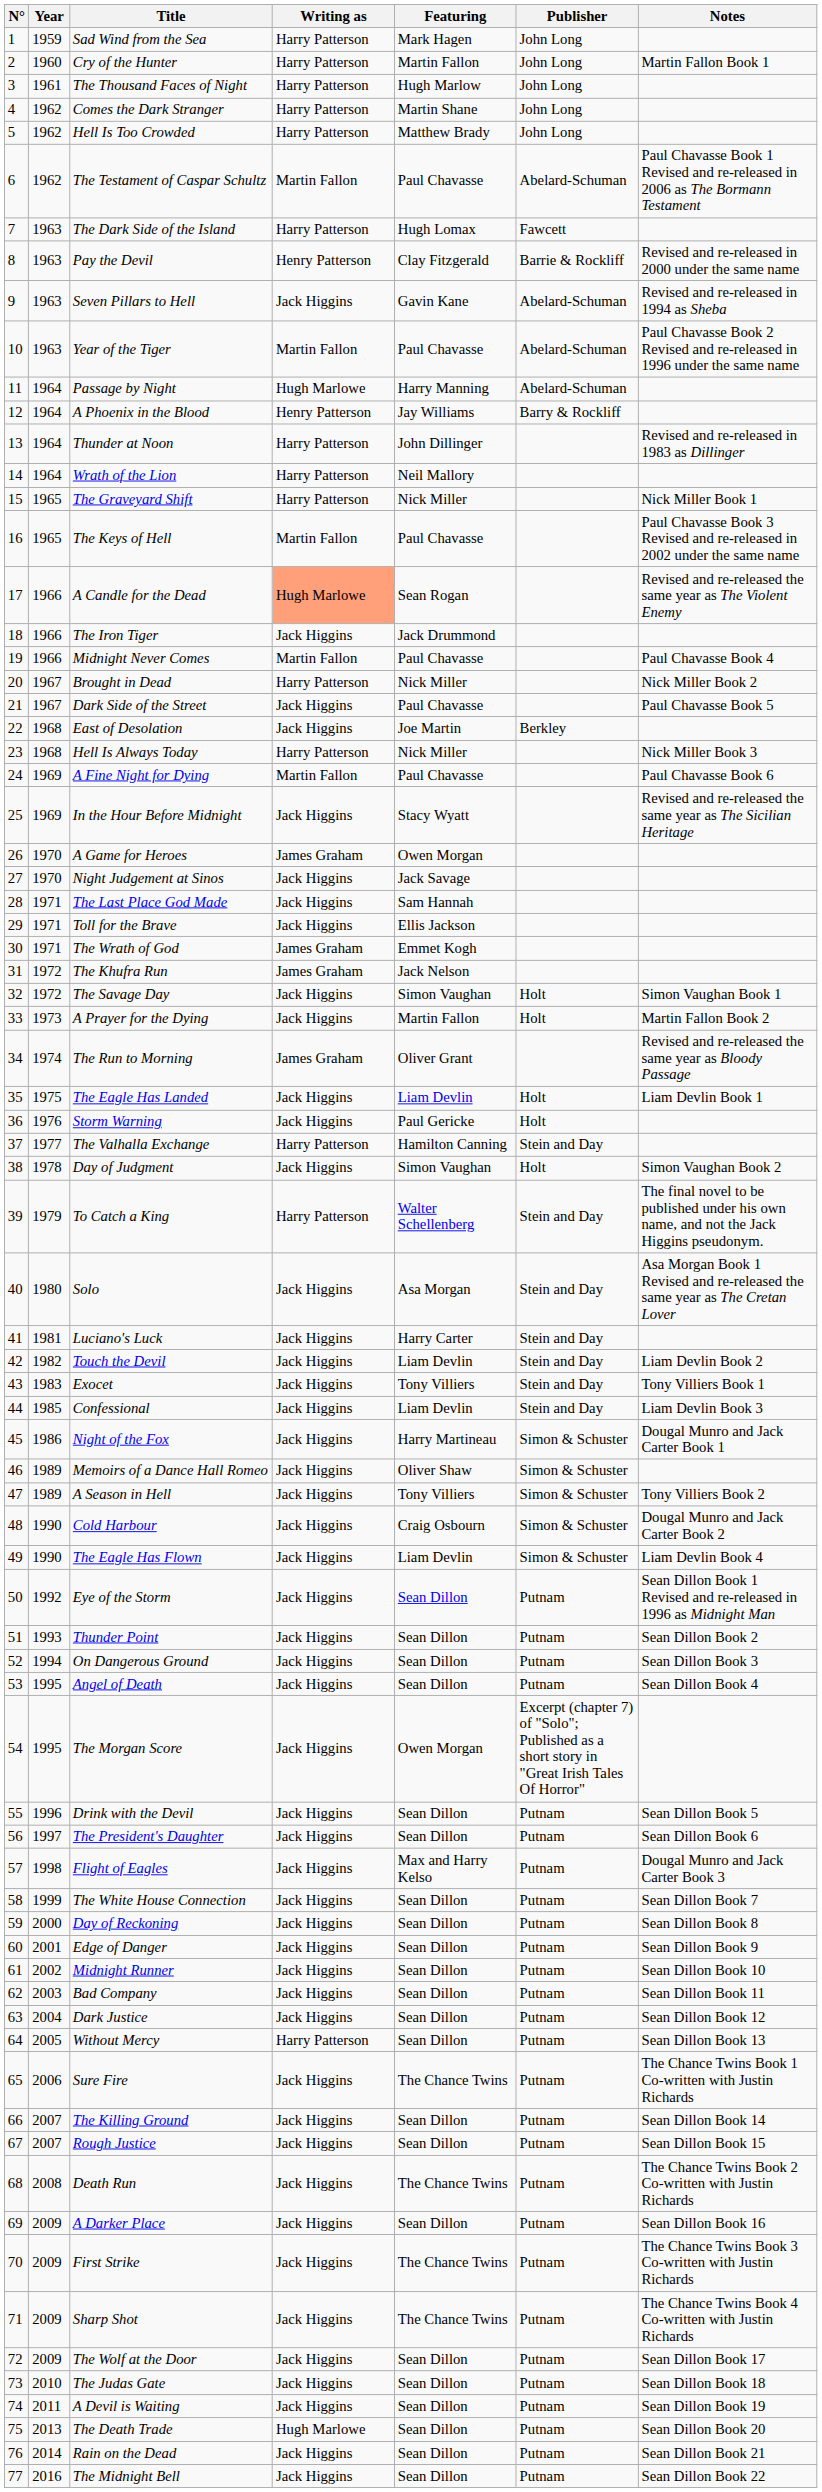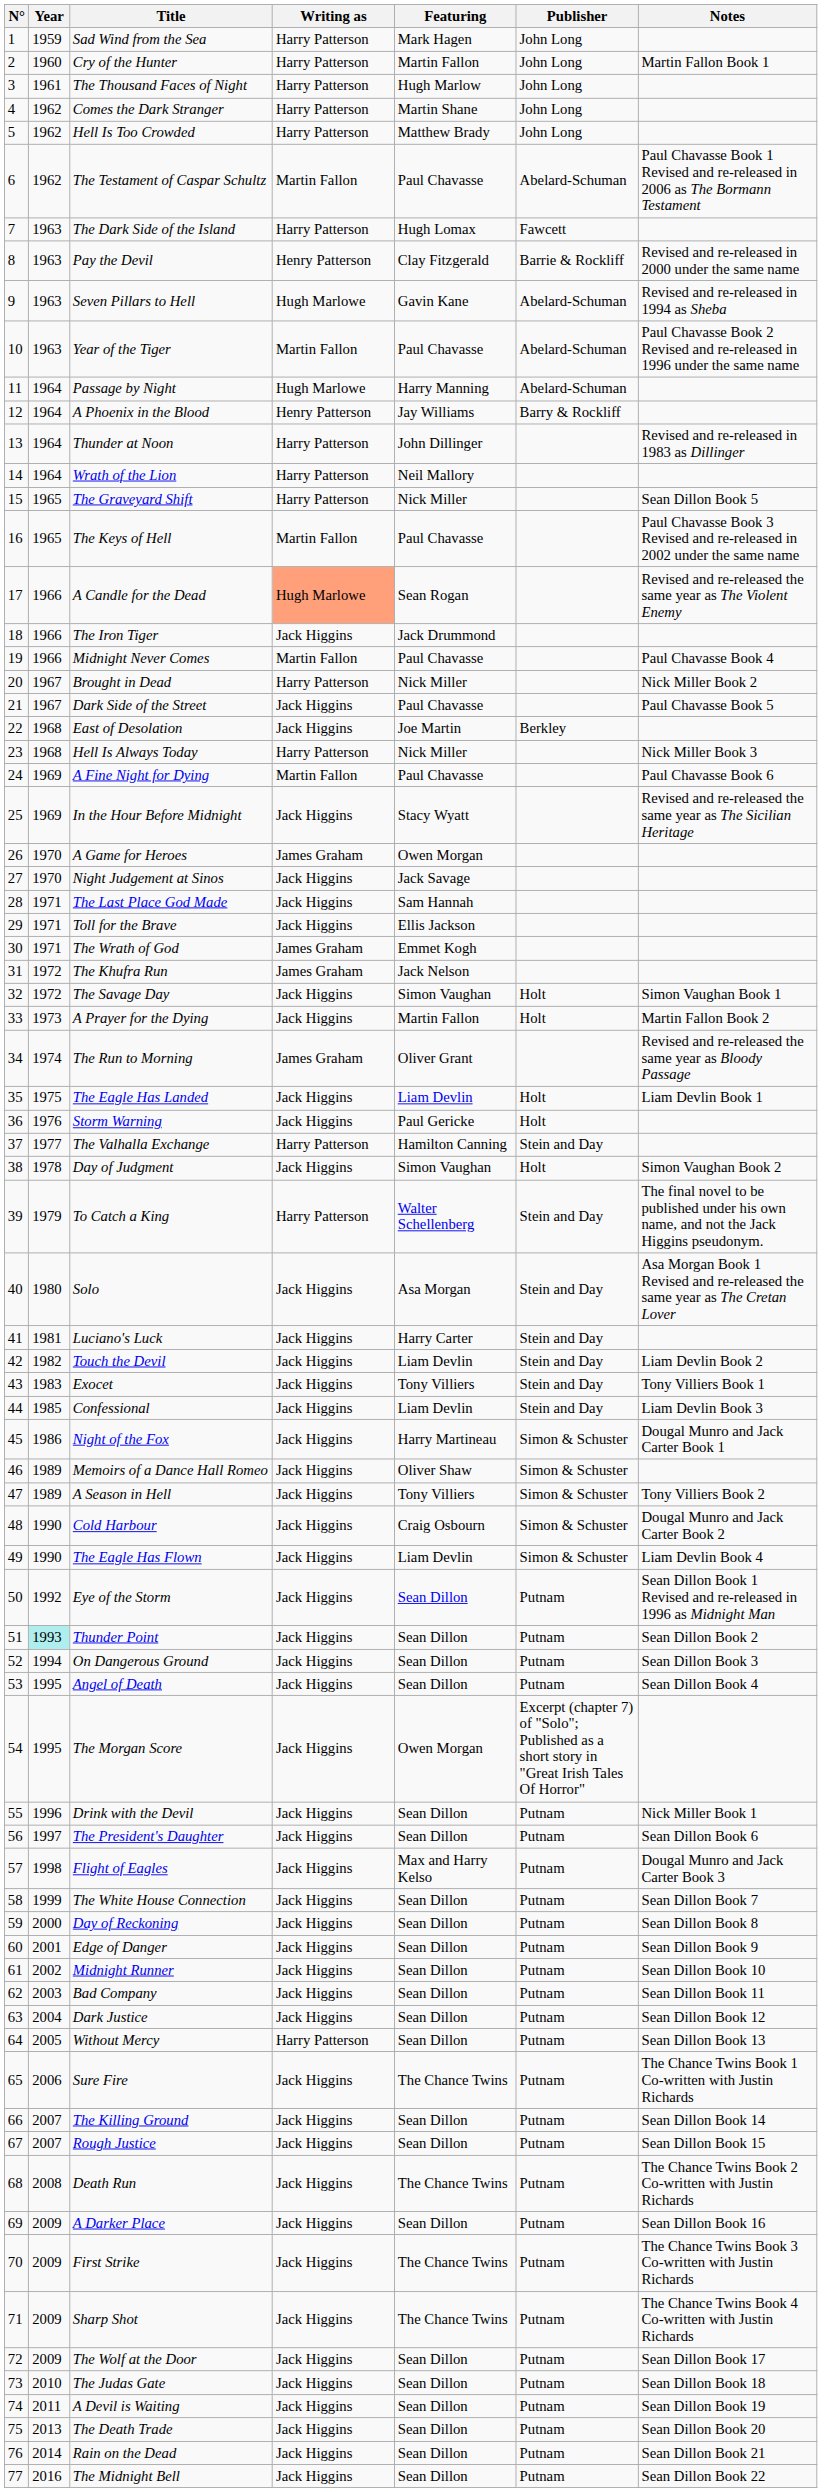 <table class="wikitable sortable" width="100%">
 <tr>
 <th width="3%!">N°</th>
 <th width="5%">Year</th>
 <th width="25%">Title</th>
 <th width="15%">Writing as</th>
 <th width="15%">Featuring</th>
 <th width="15%">Publisher</th>
 <th width="25%" class="unsortable">Notes</th>
 </tr>
 <tr>
 <td>1</td>
 <td>1959</td>
 <td><em>Sad Wind from the Sea</em></td>
 <td>Harry Patterson</td>
 <td>Mark Hagen</td>
 <td>John Long</td>
 <td></td>
 </tr>
 <tr>
 <td>2</td>
 <td>1960</td>
 <td><em>Cry of the Hunter</em></td>
 <td>Harry Patterson</td>
 <td>Martin Fallon</td>
 <td>John Long</td>
 <td>Martin Fallon Book 1</td>
 </tr>
 <tr>
 <td>3</td>
 <td>1961</td>
 <td><em>The Thousand Faces of Night</em></td>
 <td>Harry Patterson</td>
 <td>Hugh Marlow</td>
 <td>John Long</td>
 <td></td>
 </tr>
 <tr>
 <td>4</td>
 <td>1962</td>
 <td><em>Comes the Dark Stranger</em></td>
 <td>Harry Patterson</td>
 <td>Martin Shane</td>
 <td>John Long</td>
 <td></td>
 </tr>
 <tr>
 <td>5</td>
 <td>1962</td>
 <td><em>Hell Is Too Crowded</em></td>
 <td>Harry Patterson</td>
 <td>Matthew Brady</td>
 <td>John Long</td>
 <td></td>
 </tr>
 <tr>
 <td>6</td>
 <td>1962</td>
 <td><em>The Testament of Caspar Schultz</em></td>
 <td>Martin Fallon</td>
 <td>Paul Chavasse</td>
 <td>Abelard-Schuman</td>
 <td>Paul Chavasse Book 1<br>Revised and re-released in 2006 as <em>The Bormann Testament</em></td>
 </tr>
 <tr>
 <td>7</td>
 <td>1963</td>
 <td><em>The Dark Side of the Island</em></td>
 <td>Harry Patterson</td>
 <td>Hugh Lomax</td>
 <td>Fawcett</td>
 <td></td>
 </tr>
 <tr>
 <td>8</td>
 <td>1963</td>
 <td><em>Pay the Devil</em></td>
 <td>Henry Patterson</td>
 <td>Clay Fitzgerald</td>
 <td>Barrie & Rockliff</td>
 <td>Revised and re-released in 2000 under the same name</td>
 </tr>
 <tr>
 <td>9</td>
 <td>1963</td>
 <td><em>Seven Pillars to Hell</em></td>
-<td>Jack Higgins</td>
+<td>Hugh Marlowe</td>
 <td>Gavin Kane</td>
 <td>Abelard-Schuman</td>
 <td>Revised and re-released in 1994 as <em>Sheba</em></td>
 </tr>
 <tr>
 <td>10</td>
 <td>1963</td>
 <td><em>Year of the Tiger</em></td>
 <td>Martin Fallon</td>
 <td>Paul Chavasse</td>
 <td>Abelard-Schuman</td>
 <td>Paul Chavasse Book 2<br>Revised and re-released in 1996 under the same name</td>
 </tr>
 <tr>
 <td>11</td>
 <td>1964</td>
 <td><em>Passage by Night</em></td>
 <td>Hugh Marlowe</td>
 <td>Harry Manning</td>
 <td>Abelard-Schuman</td>
 <td></td>
 </tr>
 <tr>
 <td>12</td>
 <td>1964</td>
 <td><em>A Phoenix in the Blood</em></td>
 <td>Henry Patterson</td>
 <td>Jay Williams</td>
 <td>Barry & Rockliff</td>
 <td></td>
 </tr>
 <tr>
 <td>13</td>
 <td>1964</td>
 <td><em>Thunder at Noon</em></td>
 <td>Harry Patterson</td>
 <td>John Dillinger</td>
 <td></td>
 <td>Revised and re-released in 1983 as <em>Dillinger</em></td>
 </tr>
 <tr>
 <td>14</td>
 <td>1964</td>
 <td><em><a href='#'>Wrath of the Lion</a></em></td>
 <td>Harry Patterson</td>
 <td>Neil Mallory</td>
 <td></td>
 <td></td>
 </tr>
 <tr>
 <td>15</td>
 <td>1965</td>
 <td><em><a href='#'>The Graveyard Shift</a></em></td>
 <td>Harry Patterson</td>
 <td>Nick Miller</td>
 <td></td>
-<td>Nick Miller Book 1</td>
+<td>Sean Dillon Book 5</td>
 </tr>
 <tr>
 <td>16</td>
 <td>1965</td>
 <td><em>The Keys of Hell</em></td>
 <td>Martin Fallon</td>
 <td>Paul Chavasse</td>
 <td></td>
 <td>Paul Chavasse Book 3<br>Revised and re-released in 2002 under the same name</td>
 </tr>
 <tr>
 <td>17</td>
 <td>1966</td>
 <td><em>A Candle for the Dead</em></td>
 <td style="background: lightsalmon;">Hugh Marlowe</td>
 <td>Sean Rogan</td>
 <td></td>
 <td>Revised and re-released the same year as <em>The Violent Enemy</em></td>
 </tr>
 <tr>
 <td>18</td>
 <td>1966</td>
 <td><em>The Iron Tiger</em></td>
 <td>Jack Higgins</td>
 <td>Jack Drummond</td>
 <td></td>
 <td></td>
 </tr>
 <tr>
 <td>19</td>
 <td>1966</td>
 <td><em>Midnight Never Comes</em></td>
 <td>Martin Fallon</td>
 <td>Paul Chavasse</td>
 <td></td>
 <td>Paul Chavasse Book 4</td>
 </tr>
 <tr>
 <td>20</td>
 <td>1967</td>
 <td><em>Brought in Dead</em></td>
 <td>Harry Patterson</td>
 <td>Nick Miller</td>
 <td></td>
 <td>Nick Miller Book 2</td>
 </tr>
 <tr>
 <td>21</td>
 <td>1967</td>
 <td><em>Dark Side of the Street</em></td>
 <td>Jack Higgins</td>
 <td>Paul Chavasse</td>
 <td></td>
 <td>Paul Chavasse Book 5</td>
 </tr>
 <tr>
 <td>22</td>
 <td>1968</td>
 <td><em>East of Desolation</em></td>
 <td>Jack Higgins</td>
 <td>Joe Martin</td>
 <td>Berkley</td>
 <td></td>
 </tr>
 <tr>
 <td>23</td>
 <td>1968</td>
 <td><em>Hell Is Always Today</em></td>
 <td>Harry Patterson</td>
 <td>Nick Miller</td>
 <td></td>
 <td>Nick Miller Book 3</td>
 </tr>
 <tr>
 <td>24</td>
 <td>1969</td>
 <td><em><a href='#'>A Fine Night for Dying</a></em></td>
 <td>Martin Fallon</td>
 <td>Paul Chavasse</td>
 <td></td>
 <td>Paul Chavasse Book 6</td>
 </tr>
 <tr>
 <td>25</td>
 <td>1969</td>
 <td><em>In the Hour Before Midnight</em></td>
 <td>Jack Higgins</td>
 <td>Stacy Wyatt</td>
 <td></td>
 <td>Revised and re-released the same year as <em>The Sicilian Heritage</em></td>
 </tr>
 <tr>
 <td>26</td>
 <td>1970</td>
 <td><em>A Game for Heroes</em></td>
 <td>James Graham</td>
 <td>Owen Morgan</td>
 <td></td>
 <td></td>
 </tr>
 <tr>
 <td>27</td>
 <td>1970</td>
 <td><em>Night Judgement at Sinos</em></td>
 <td>Jack Higgins</td>
 <td>Jack Savage</td>
 <td></td>
 <td></td>
 </tr>
 <tr>
 <td>28</td>
 <td>1971</td>
 <td><em><a href='#'>The Last Place God Made</a></em></td>
 <td>Jack Higgins</td>
 <td>Sam Hannah</td>
 <td></td>
 <td></td>
 </tr>
 <tr>
 <td>29</td>
 <td>1971</td>
 <td><em>Toll for the Brave</em></td>
 <td>Jack Higgins</td>
 <td>Ellis Jackson</td>
 <td></td>
 <td></td>
 </tr>
 <tr>
 <td>30</td>
 <td>1971</td>
 <td><em>The Wrath of God</em></td>
 <td>James Graham</td>
 <td>Emmet Kogh</td>
 <td></td>
 <td></td>
 </tr>
 <tr>
 <td>31</td>
 <td>1972</td>
 <td><em>The Khufra Run</em></td>
 <td>James Graham</td>
 <td>Jack Nelson</td>
 <td></td>
 <td></td>
 </tr>
 <tr>
 <td>32</td>
 <td>1972</td>
 <td><em>The Savage Day</em></td>
 <td>Jack Higgins</td>
 <td>Simon Vaughan</td>
 <td>Holt</td>
 <td>Simon Vaughan Book 1</td>
 </tr>
 <tr>
 <td>33</td>
 <td>1973</td>
 <td><em>A Prayer for the Dying</em></td>
 <td>Jack Higgins</td>
 <td>Martin Fallon</td>
 <td>Holt</td>
 <td>Martin Fallon Book 2</td>
 </tr>
 <tr>
 <td>34</td>
 <td>1974</td>
 <td><em>The Run to Morning</em></td>
 <td>James Graham</td>
 <td>Oliver Grant</td>
 <td></td>
 <td>Revised and re-released the same year as <em>Bloody Passage</em></td>
 </tr>
 <tr>
 <td>35</td>
 <td>1975</td>
 <td><em><a href='#'>The Eagle Has Landed</a></em></td>
 <td>Jack Higgins</td>
 <td><a href='#'>Liam Devlin</a></td>
 <td>Holt</td>
 <td>Liam Devlin Book 1</td>
 </tr>
 <tr>
 <td>36</td>
 <td>1976</td>
 <td><em><a href='#'>Storm Warning</a></em></td>
 <td>Jack Higgins</td>
 <td>Paul Gericke</td>
 <td>Holt</td>
 <td></td>
 </tr>
 <tr>
 <td>37</td>
 <td>1977</td>
 <td><em>The Valhalla Exchange</em></td>
 <td>Harry Patterson</td>
 <td>Hamilton Canning</td>
 <td>Stein and Day</td>
 <td></td>
 </tr>
 <tr>
 <td>38</td>
 <td>1978</td>
 <td><em>Day of Judgment</em></td>
 <td>Jack Higgins</td>
 <td>Simon Vaughan</td>
 <td>Holt</td>
 <td>Simon Vaughan Book 2</td>
 </tr>
 <tr>
 <td>39</td>
 <td>1979</td>
 <td><em>To Catch a King</em></td>
 <td>Harry Patterson</td>
 <td><a href='#'>Walter Schellenberg</a></td>
 <td>Stein and Day</td>
 <td>The final novel to be published under his own name, and not the Jack Higgins pseudonym.</td>
 </tr>
 <tr>
 <td>40</td>
 <td>1980</td>
 <td><em>Solo</em></td>
 <td>Jack Higgins</td>
 <td>Asa Morgan</td>
 <td>Stein and Day</td>
 <td>Asa Morgan Book 1<br>Revised and re-released the same year as <em>The Cretan Lover</em></td>
 </tr>
 <tr>
 <td>41</td>
 <td>1981</td>
 <td><em>Luciano's Luck</em></td>
 <td>Jack Higgins</td>
 <td>Harry Carter</td>
 <td>Stein and Day</td>
 <td></td>
 </tr>
 <tr>
 <td>42</td>
 <td>1982</td>
 <td><em><a href='#'>Touch the Devil</a></em></td>
 <td>Jack Higgins</td>
 <td>Liam Devlin</td>
 <td>Stein and Day</td>
 <td>Liam Devlin Book 2</td>
 </tr>
 <tr>
 <td>43</td>
 <td>1983</td>
 <td><em>Exocet</em></td>
 <td>Jack Higgins</td>
 <td>Tony Villiers</td>
 <td>Stein and Day</td>
 <td>Tony Villiers Book 1</td>
 </tr>
 <tr>
 <td>44</td>
 <td>1985</td>
 <td><em>Confessional</em></td>
 <td>Jack Higgins</td>
 <td>Liam Devlin</td>
 <td>Stein and Day</td>
 <td>Liam Devlin Book 3</td>
 </tr>
 <tr>
 <td>45</td>
 <td>1986</td>
 <td><em><a href='#'>Night of the Fox</a></em></td>
 <td>Jack Higgins</td>
 <td>Harry Martineau</td>
 <td>Simon & Schuster</td>
 <td>Dougal Munro and Jack Carter Book 1</td>
 </tr>
 <tr>
 <td>46</td>
 <td>1989</td>
 <td><em>Memoirs of a Dance Hall Romeo</em></td>
 <td>Jack Higgins</td>
 <td>Oliver Shaw</td>
 <td>Simon & Schuster</td>
 <td></td>
 </tr>
 <tr>
 <td>47</td>
 <td>1989</td>
 <td><em>A Season in Hell</em></td>
 <td>Jack Higgins</td>
 <td>Tony Villiers</td>
 <td>Simon & Schuster</td>
 <td>Tony Villiers Book 2</td>
 </tr>
 <tr>
 <td>48</td>
 <td>1990</td>
 <td><em><a href='#'>Cold Harbour</a></em></td>
 <td>Jack Higgins</td>
 <td>Craig Osbourn</td>
 <td>Simon & Schuster</td>
 <td>Dougal Munro and Jack Carter Book 2</td>
 </tr>
 <tr>
 <td>49</td>
 <td>1990</td>
 <td><em><a href='#'>The Eagle Has Flown</a></em></td>
 <td>Jack Higgins</td>
 <td>Liam Devlin</td>
 <td>Simon & Schuster</td>
 <td>Liam Devlin Book 4</td>
 </tr>
 <tr>
 <td>50</td>
 <td>1992</td>
 <td><em>Eye of the Storm</em></td>
 <td>Jack Higgins</td>
 <td><a href='#'>Sean Dillon</a></td>
 <td>Putnam</td>
 <td>Sean Dillon Book 1<br>Revised and re-released in 1996 as <em>Midnight Man</em></td>
 </tr>
 <tr>
 <td>51</td>
-<td>1993</td>
+<td style="background: paleturquoise;">1993</td>
 <td><em><a href='#'>Thunder Point</a></em></td>
 <td>Jack Higgins</td>
 <td>Sean Dillon</td>
 <td>Putnam</td>
 <td>Sean Dillon Book 2</td>
 </tr>
 <tr>
 <td>52</td>
 <td>1994</td>
 <td><em>On Dangerous Ground</em></td>
 <td>Jack Higgins</td>
 <td>Sean Dillon</td>
 <td>Putnam</td>
 <td>Sean Dillon Book 3</td>
 </tr>
 <tr>
 <td>53</td>
 <td>1995</td>
 <td><em><a href='#'>Angel of Death</a></em></td>
 <td>Jack Higgins</td>
 <td>Sean Dillon</td>
 <td>Putnam</td>
 <td>Sean Dillon Book 4</td>
 </tr>
 <tr>
 <td>54</td>
 <td>1995</td>
 <td><em>The Morgan Score</em></td>
 <td>Jack Higgins</td>
 <td>Owen Morgan</td>
 <td>Excerpt (chapter 7) of "Solo"; Published as a short story in "Great Irish Tales Of Horror"</td>
 <td></td>
 </tr>
 <tr>
 <td>55</td>
 <td>1996</td>
 <td><em>Drink with the Devil</em></td>
 <td>Jack Higgins</td>
 <td>Sean Dillon</td>
 <td>Putnam</td>
-<td>Sean Dillon Book 5</td>
+<td>Nick Miller Book 1</td>
 </tr>
 <tr>
 <td>56</td>
 <td>1997</td>
 <td><em><a href='#'>The President's Daughter</a></em></td>
 <td>Jack Higgins</td>
 <td>Sean Dillon</td>
 <td>Putnam</td>
 <td>Sean Dillon Book 6</td>
 </tr>
 <tr>
 <td>57</td>
 <td>1998</td>
 <td><em><a href='#'>Flight of Eagles</a></em></td>
 <td>Jack Higgins</td>
 <td>Max and Harry Kelso</td>
 <td>Putnam</td>
 <td>Dougal Munro and Jack Carter Book 3</td>
 </tr>
 <tr>
 <td>58</td>
 <td>1999</td>
 <td><em>The White House Connection</em></td>
 <td>Jack Higgins</td>
 <td>Sean Dillon</td>
 <td>Putnam</td>
 <td>Sean Dillon Book 7</td>
 </tr>
 <tr>
 <td>59</td>
 <td>2000</td>
 <td><em><a href='#'>Day of Reckoning</a></em></td>
 <td>Jack Higgins</td>
 <td>Sean Dillon</td>
 <td>Putnam</td>
 <td>Sean Dillon Book 8</td>
 </tr>
 <tr>
 <td>60</td>
 <td>2001</td>
 <td><em>Edge of Danger</em></td>
 <td>Jack Higgins</td>
 <td>Sean Dillon</td>
 <td>Putnam</td>
 <td>Sean Dillon Book 9</td>
 </tr>
 <tr>
 <td>61</td>
 <td>2002</td>
 <td><em><a href='#'>Midnight Runner</a></em></td>
 <td>Jack Higgins</td>
 <td>Sean Dillon</td>
 <td>Putnam</td>
 <td>Sean Dillon Book 10</td>
 </tr>
 <tr>
 <td>62</td>
 <td>2003</td>
 <td><em>Bad Company</em></td>
 <td>Jack Higgins</td>
 <td>Sean Dillon</td>
 <td>Putnam</td>
 <td>Sean Dillon Book 11</td>
 </tr>
 <tr>
 <td>63</td>
 <td>2004</td>
 <td><em>Dark Justice</em></td>
 <td>Jack Higgins</td>
 <td>Sean Dillon</td>
 <td>Putnam</td>
 <td>Sean Dillon Book 12</td>
 </tr>
 <tr>
 <td>64</td>
 <td>2005</td>
 <td><em>Without Mercy</em></td>
 <td>Harry Patterson</td>
 <td>Sean Dillon</td>
 <td>Putnam</td>
 <td>Sean Dillon Book 13</td>
 </tr>
 <tr>
 <td>65</td>
 <td>2006</td>
 <td><em>Sure Fire</em></td>
 <td>Jack Higgins</td>
 <td>The Chance Twins</td>
 <td>Putnam</td>
 <td>The Chance Twins Book 1<br>Co-written with Justin Richards</td>
 </tr>
 <tr>
 <td>66</td>
 <td>2007</td>
 <td><em><a href='#'>The Killing Ground</a></em></td>
 <td>Jack Higgins</td>
 <td>Sean Dillon</td>
 <td>Putnam</td>
 <td>Sean Dillon Book 14</td>
 </tr>
 <tr>
 <td>67</td>
 <td>2007</td>
 <td><em><a href='#'>Rough Justice</a></em></td>
 <td>Jack Higgins</td>
 <td>Sean Dillon</td>
 <td>Putnam</td>
 <td>Sean Dillon Book 15</td>
 </tr>
 <tr>
 <td>68</td>
 <td>2008</td>
 <td><em>Death Run</em></td>
 <td>Jack Higgins</td>
 <td>The Chance Twins</td>
 <td>Putnam</td>
 <td>The Chance Twins Book 2<br>Co-written with Justin Richards</td>
 </tr>
 <tr>
 <td>69</td>
 <td>2009</td>
 <td><em><a href='#'>A Darker Place</a></em></td>
 <td>Jack Higgins</td>
 <td>Sean Dillon</td>
 <td>Putnam</td>
 <td>Sean Dillon Book 16</td>
 </tr>
 <tr>
 <td>70</td>
 <td>2009</td>
 <td><em>First Strike</em></td>
 <td>Jack Higgins</td>
 <td>The Chance Twins</td>
 <td>Putnam</td>
 <td>The Chance Twins Book 3<br>Co-written with Justin Richards</td>
 </tr>
 <tr>
 <td>71</td>
 <td>2009</td>
 <td><em>Sharp Shot</em></td>
 <td>Jack Higgins</td>
 <td>The Chance Twins</td>
 <td>Putnam</td>
 <td>The Chance Twins Book 4<br>Co-written with Justin Richards</td>
 </tr>
 <tr>
 <td>72</td>
 <td>2009</td>
 <td><em>The Wolf at the Door</em></td>
 <td>Jack Higgins</td>
 <td>Sean Dillon</td>
 <td>Putnam</td>
 <td>Sean Dillon Book 17</td>
 </tr>
 <tr>
 <td>73</td>
 <td>2010</td>
 <td><em>The Judas Gate</em></td>
 <td>Jack Higgins</td>
 <td>Sean Dillon</td>
 <td>Putnam</td>
 <td>Sean Dillon Book 18</td>
 </tr>
 <tr>
 <td>74</td>
 <td>2011</td>
 <td><em>A Devil is Waiting</em></td>
 <td>Jack Higgins</td>
 <td>Sean Dillon</td>
 <td>Putnam</td>
 <td>Sean Dillon Book 19</td>
 </tr>
 <tr>
 <td>75</td>
 <td>2013</td>
 <td><em>The Death Trade</em></td>
-<td>Hugh Marlowe</td>
+<td>Jack Higgins</td>
 <td>Sean Dillon</td>
 <td>Putnam</td>
 <td>Sean Dillon Book 20</td>
 </tr>
 <tr>
 <td>76</td>
 <td>2014</td>
 <td><em>Rain on the Dead</em></td>
 <td>Jack Higgins</td>
 <td>Sean Dillon</td>
 <td>Putnam</td>
 <td>Sean Dillon Book 21</td>
 </tr>
 <tr>
 <td>77</td>
 <td>2016</td>
 <td><em>The Midnight Bell</em></td>
 <td>Jack Higgins</td>
 <td>Sean Dillon</td>
 <td>Putnam</td>
 <td>Sean Dillon Book 22</td>
 </tr>
 </table>
